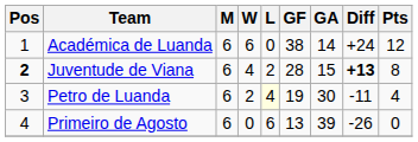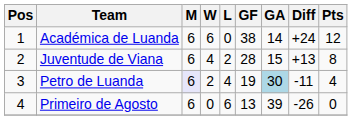 <table class="wikitable" style="text-align:center; font-size:90%">
 <tr>
 <th width=25>Pos</th>
 <th>Team</th>
 <th>M</th>
 <th>W</th>
 <th>L</th>
 <th>GF</th>
 <th>GA</th>
 <th>Diff</th>
 <th>Pts</th>
 </tr>
 <tr>
 <td>1</td>
 <td align=left><a href='#'>Académica de Luanda</a></td>
 <td>6</td>
 <td>6</td>
 <td>0</td>
 <td>38</td>
 <td>14</td>
 <td>+24</td>
 <td>12</td>
 </tr>
 <tr>
-<td><strong>2</strong></td>
+<td>2</td>
 <td align=left><a href='#'>Juventude de Viana</a></td>
 <td>6</td>
 <td>4</td>
 <td>2</td>
 <td>28</td>
 <td>15</td>
-<td><strong>+13</strong></td>
+<td>+13</td>
 <td>8</td>
 </tr>
 <tr>
 <td>3</td>
 <td align=left><a href='#'>Petro de Luanda</a></td>
-<td>6</td>
+<td style="background: lavender;">6</td>
 <td>2</td>
-<td style="background: lightyellow;">4</td>
+<td>4</td>
 <td>19</td>
-<td>30</td>
+<td style="background: lightblue;">30</td>
 <td>-11</td>
 <td>4</td>
 </tr>
 <tr>
 <td>4</td>
 <td align=left><a href='#'>Primeiro de Agosto</a></td>
 <td>6</td>
 <td>0</td>
 <td>6</td>
 <td>13</td>
 <td>39</td>
 <td>-26</td>
 <td>0</td>
 </tr>
 <tr>
 </tr>
 </table>
